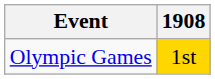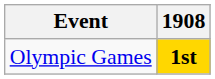 <table class="wikitable" style="text-align:center">
 <tr>
 <th>Event</th>
 <th>1908</th>
 </tr>
 <tr>
 <td align=left><a href='#'>Olympic Games</a></td>
-<td bgcolor=gold>1st</td>
+<td bgcolor=gold><strong>1st</strong></td>
 </tr>
 </table>
